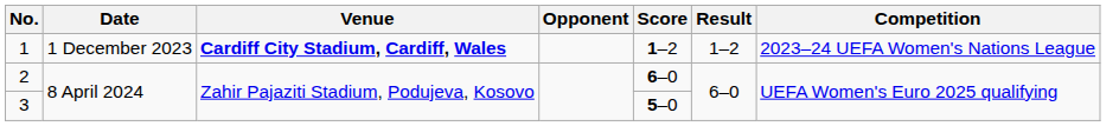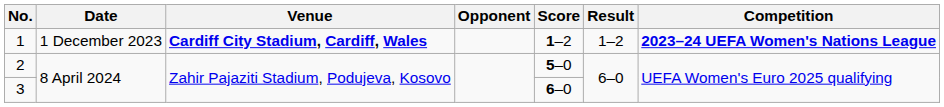 <table class="wikitable sortable">
 <tr>
 <th scope="col">No.</th>
 <th scope="col">Date</th>
 <th scope="col">Venue</th>
 <th scope="col">Opponent</th>
 <th scope="col">Score</th>
 <th scope="col">Result</th>
 <th scope="col">Competition</th>
 </tr>
 <tr>
 <td align="center">1</td>
 <td>1 December 2023</td>
 <td><strong><a href='#'>Cardiff City Stadium</a>, <a href='#'>Cardiff</a>, <a href='#'>Wales</a></strong></td>
 <td></td>
 <td align="center"><strong>1</strong>–2</td>
 <td align="center">1–2</td>
-<td><a href='#'>2023–24 UEFA Women's Nations League</a></td>
+<td><strong><a href='#'>2023–24 UEFA Women's Nations League</a></strong></td>
 </tr>
 <tr>
 <td align="center">2</td>
 <td rowspan="2">8 April 2024</td>
 <td rowspan="2"><a href='#'>Zahir Pajaziti Stadium</a>, <a href='#'>Podujeva</a>, <a href='#'>Kosovo</a></td>
 <td rowspan="2"></td>
-<td align="center"><strong>6</strong>–0</td>
+<td align="center"><strong>5</strong>–0</td>
 <td rowspan="2" align="center">6–0</td>
 <td rowspan="2"><a href='#'>UEFA Women's Euro 2025 qualifying</a></td>
 </tr>
 <tr>
 <td align="center">3</td>
-<td align="center"><strong>5</strong>–0</td>
+<td align="center"><strong>6</strong>–0</td>
 </tr>
 </table>
